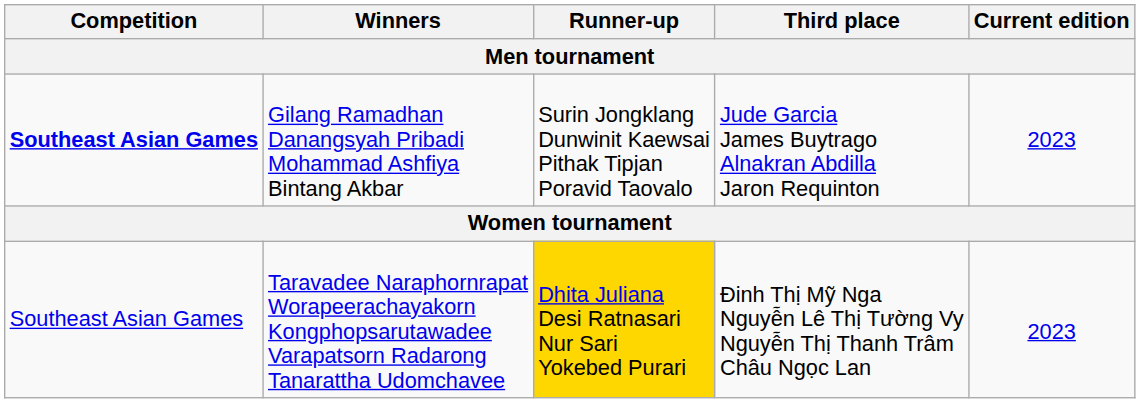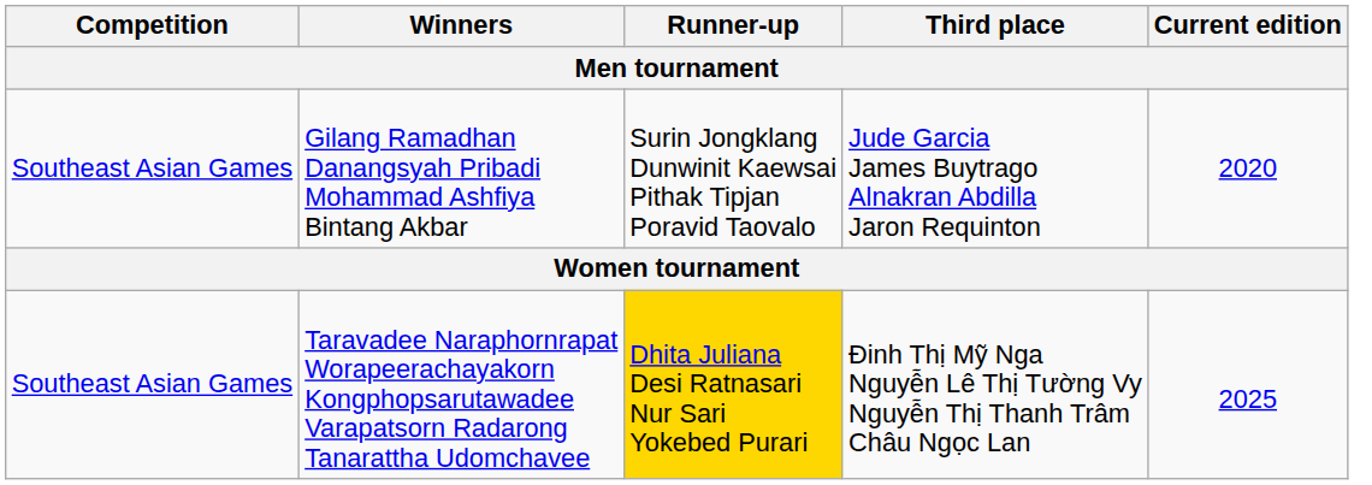 <table class="wikitable">
 <tr>
 <th>Competition</th>
 <th>Winners</th>
 <th>Runner-up</th>
 <th>Third place</th>
 <th>Current edition</th>
 </tr>
 <tr>
 <th colspan=5>Men tournament</th>
 </tr>
 <tr>
-<td><strong><a href='#'>Southeast Asian Games</a></strong></td>
+<td><a href='#'>Southeast Asian Games</a></td>
 <td nowrap=true><br><a href='#'>Gilang Ramadhan</a><br><a href='#'>Danangsyah Pribadi</a><br><a href='#'>Mohammad Ashfiya</a><br>Bintang Akbar</td>
 <td><br>Surin Jongklang<br>Dunwinit Kaewsai<br>Pithak Tipjan<br>Poravid Taovalo</td>
 <td><br><a href='#'>Jude Garcia</a><br>James Buytrago<br><a href='#'>Alnakran Abdilla</a><br>Jaron Requinton</td>
-<td align=center><a href='#'>2023</a></td>
+<td align=center><a href='#'>2020</a></td>
 </tr>
 <tr>
 <th colspan=5>Women tournament</th>
 </tr>
 <tr>
 <td><a href='#'>Southeast Asian Games</a></td>
 <td><br><a href='#'>Taravadee Naraphornrapat</a><br><a href='#'>Worapeerachayakorn<br>Kongphopsarutawadee</a><br><a href='#'>Varapatsorn Radarong</a><br><a href='#'>Tanarattha Udomchavee</a></td>
 <td nowrap=true style="background: gold;"><br><a href='#'>Dhita Juliana</a><br>Desi Ratnasari<br>Nur Sari<br>Yokebed Purari</td>
 <td><br>Đinh Thị Mỹ Nga<br>Nguyễn Lê Thị Tường Vy<br>Nguyễn Thị Thanh Trâm<br>Châu Ngọc Lan</td>
-<td align=center><br><a href='#'>2023</a></td>
+<td align=center><br><a href='#'>2025</a></td>
 </tr>
 </table>
